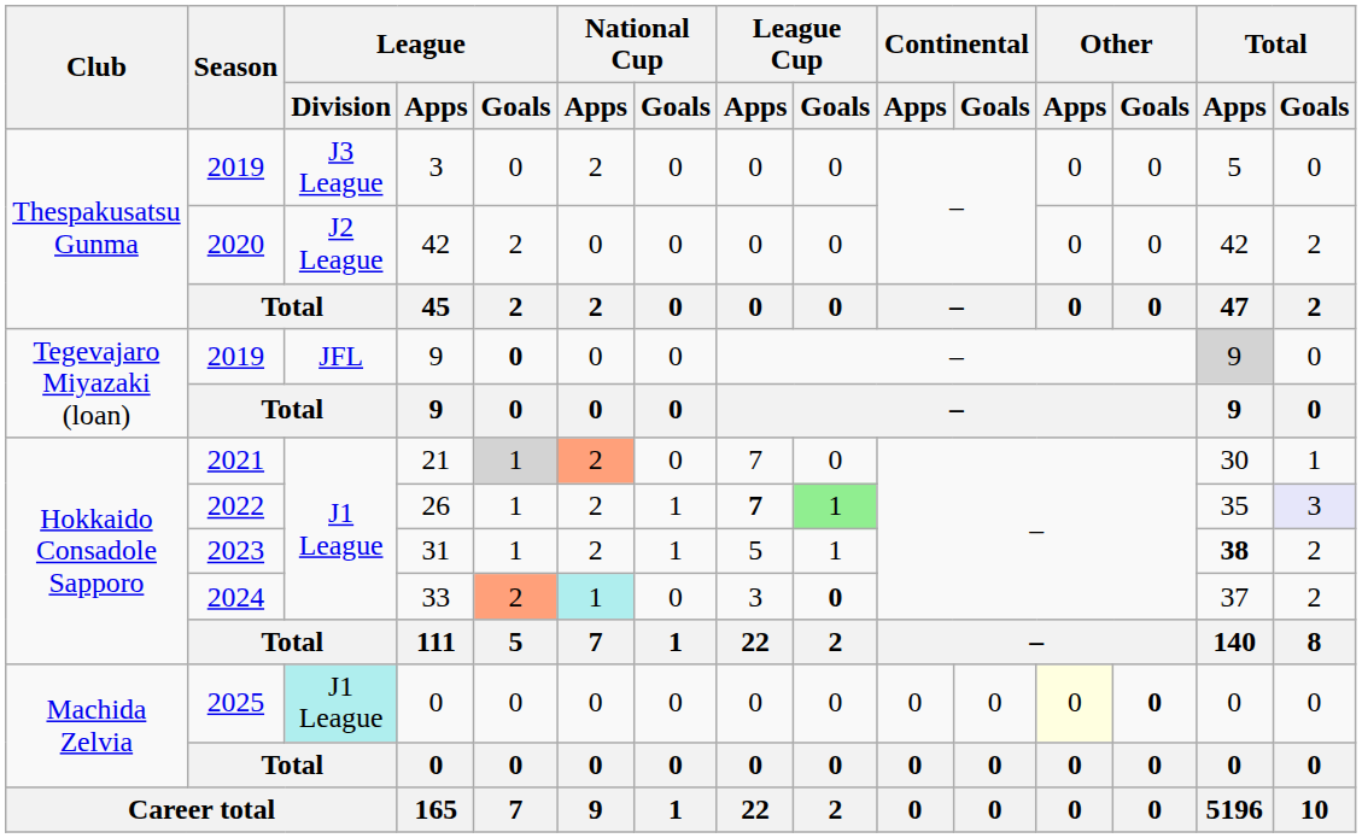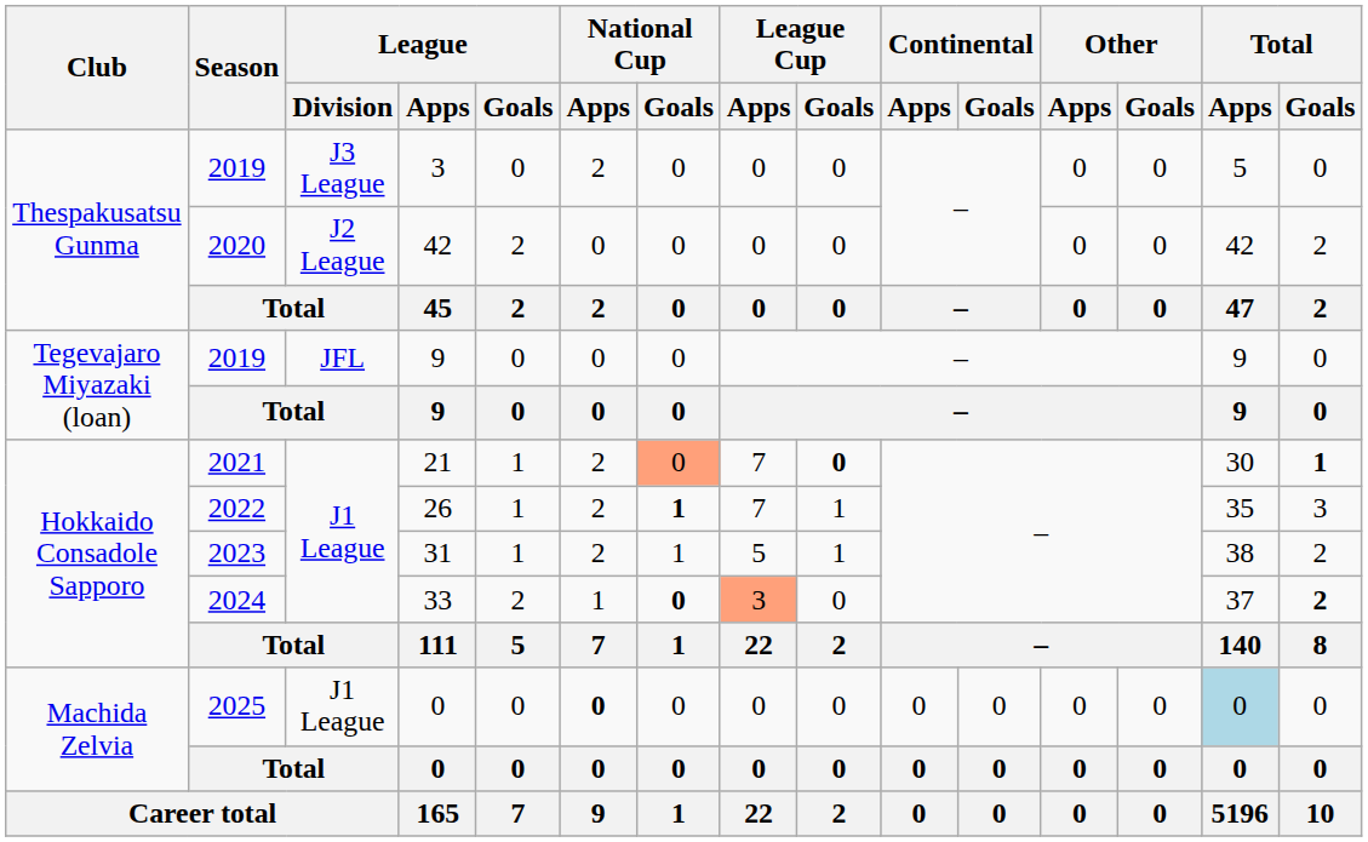 <table class="wikitable" style="text-align: center">
 <tr>
 <th rowspan="2">Club</th>
 <th rowspan="2">Season</th>
 <th colspan="3">League</th>
 <th colspan="2">National Cup</th>
 <th colspan="2">League Cup</th>
 <th colspan="2">Continental</th>
 <th colspan="2">Other</th>
 <th colspan="2">Total</th>
 </tr>
 <tr>
 <th>Division</th>
 <th>Apps</th>
 <th>Goals</th>
 <th>Apps</th>
 <th>Goals</th>
 <th>Apps</th>
 <th>Goals</th>
 <th>Apps</th>
 <th>Goals</th>
 <th>Apps</th>
 <th>Goals</th>
 <th>Apps</th>
 <th>Goals</th>
 </tr>
 <tr>
 <td rowspan="3"><a href='#'>Thespakusatsu Gunma</a></td>
 <td><a href='#'>2019</a></td>
 <td><a href='#'>J3 League</a></td>
 <td>3</td>
 <td>0</td>
 <td>2</td>
 <td>0</td>
 <td>0</td>
 <td>0</td>
 <td rowspan="2" colspan="2">–</td>
 <td>0</td>
 <td>0</td>
 <td>5</td>
 <td>0</td>
 </tr>
 <tr>
 <td><a href='#'>2020</a></td>
 <td><a href='#'>J2 League</a></td>
 <td>42</td>
 <td>2</td>
 <td>0</td>
 <td>0</td>
 <td>0</td>
 <td>0</td>
 <td>0</td>
 <td>0</td>
 <td>42</td>
 <td>2</td>
 </tr>
 <tr>
 <th colspan=2>Total</th>
 <th>45</th>
 <th>2</th>
 <th>2</th>
 <th>0</th>
 <th>0</th>
 <th>0</th>
 <th colspan="2">–</th>
 <th>0</th>
 <th>0</th>
 <th>47</th>
 <th>2</th>
 </tr>
 <tr>
 <td rowspan="2"><a href='#'>Tegevajaro Miyazaki</a> (loan)</td>
 <td><a href='#'>2019</a></td>
 <td><a href='#'>JFL</a></td>
 <td>9</td>
-<td><strong>0</strong></td>
+<td>0</td>
 <td>0</td>
 <td>0</td>
 <td colspan="6">–</td>
-<td style="background: lightgrey;">9</td>
+<td>9</td>
 <td>0</td>
 </tr>
 <tr>
 <th colspan=2>Total</th>
 <th>9</th>
 <th>0</th>
 <th>0</th>
 <th>0</th>
 <th colspan="6">–</th>
 <th>9</th>
 <th>0</th>
 </tr>
 <tr>
 <td rowspan="5"><a href='#'>Hokkaido Consadole Sapporo</a></td>
 <td><a href='#'>2021</a></td>
 <td rowspan="4"><a href='#'>J1 League</a></td>
 <td>21</td>
-<td style="background: lightgrey;">1</td>
-<td style="background: lightsalmon;">2</td>
-<td>0</td>
+<td>1</td>
+<td>2</td>
+<td style="background: lightsalmon;">0</td>
 <td>7</td>
-<td>0</td>
+<td><strong>0</strong></td>
 <td rowspan="4" colspan="4">–</td>
 <td>30</td>
-<td>1</td>
+<td><strong>1</strong></td>
 </tr>
 <tr>
 <td><a href='#'>2022</a></td>
 <td>26</td>
 <td>1</td>
 <td>2</td>
+<td><strong>1</strong></td>
+<td>7</td>
 <td>1</td>
-<td><strong>7</strong></td>
-<td style="background: lightgreen;">1</td>
 <td>35</td>
-<td style="background: lavender;">3</td>
+<td>3</td>
 </tr>
 <tr>
 <td><a href='#'>2023</a></td>
 <td>31</td>
 <td>1</td>
 <td>2</td>
 <td>1</td>
 <td>5</td>
 <td>1</td>
-<td><strong>38</strong></td>
+<td>38</td>
 <td>2</td>
 </tr>
 <tr>
 <td><a href='#'>2024</a></td>
 <td>33</td>
-<td style="background: lightsalmon;">2</td>
-<td style="background: paleturquoise;">1</td>
+<td>2</td>
+<td>1</td>
+<td><strong>0</strong></td>
+<td style="background: lightsalmon;">3</td>
 <td>0</td>
-<td>3</td>
-<td><strong>0</strong></td>
 <td>37</td>
-<td>2</td>
+<td><strong>2</strong></td>
 </tr>
 <tr>
 <th colspan=2>Total</th>
 <th>111</th>
 <th>5</th>
 <th>7</th>
 <th>1</th>
 <th>22</th>
 <th>2</th>
 <th colspan="4">–</th>
 <th>140</th>
 <th>8</th>
 </tr>
 <tr>
 <td rowspan="2"><a href='#'>Machida Zelvia</a></td>
 <td><a href='#'>2025</a></td>
-<td style="background: paleturquoise;">J1 League</td>
+<td>J1 League</td>
+<td>0</td>
+<td>0</td>
+<td><strong>0</strong></td>
 <td>0</td>
 <td>0</td>
 <td>0</td>
 <td>0</td>
 <td>0</td>
 <td>0</td>
 <td>0</td>
-<td>0</td>
-<td style="background: lightyellow;">0</td>
-<td><strong>0</strong></td>
-<td>0</td>
+<td style="background: lightblue;">0</td>
 <td>0</td>
 </tr>
 <tr>
 <th colspan=2>Total</th>
 <th>0</th>
 <th>0</th>
 <th>0</th>
 <th>0</th>
 <th>0</th>
 <th>0</th>
 <th>0</th>
 <th>0</th>
 <th>0</th>
 <th>0</th>
 <th>0</th>
 <th>0</th>
 </tr>
 <tr>
 <th colspan=3>Career total</th>
 <th>165</th>
 <th>7</th>
 <th>9</th>
 <th>1</th>
 <th>22</th>
 <th>2</th>
 <th>0</th>
 <th>0</th>
 <th>0</th>
 <th>0</th>
 <th>5196</th>
 <th>10</th>
 </tr>
 </table>
